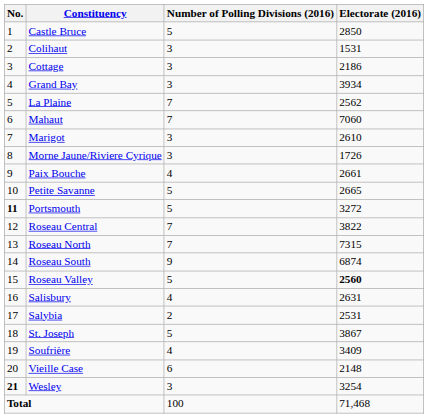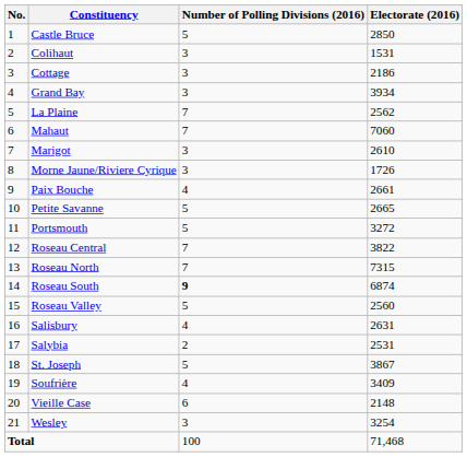 <table class="wikitable sortable">
 <tr>
 <th>No.</th>
 <th><a href='#'>Constituency</a></th>
 <th>Number of Polling Divisions (2016)</th>
 <th>Electorate (2016)</th>
 </tr>
 <tr>
 <td>1</td>
 <td><a href='#'>Castle Bruce</a></td>
 <td>5</td>
 <td>2850</td>
 </tr>
 <tr>
 <td>2</td>
 <td><a href='#'>Colihaut</a></td>
 <td>3</td>
 <td>1531</td>
 </tr>
 <tr>
 <td>3</td>
 <td><a href='#'>Cottage</a></td>
 <td>3</td>
 <td>2186</td>
 </tr>
 <tr>
 <td>4</td>
 <td><a href='#'>Grand Bay</a></td>
 <td>3</td>
 <td>3934</td>
 </tr>
 <tr>
 <td>5</td>
 <td><a href='#'>La Plaine</a></td>
 <td>7</td>
 <td>2562</td>
 </tr>
 <tr>
 <td>6</td>
 <td><a href='#'>Mahaut</a></td>
 <td>7</td>
 <td>7060</td>
 </tr>
 <tr>
 <td>7</td>
 <td><a href='#'>Marigot</a></td>
 <td>3</td>
 <td>2610</td>
 </tr>
 <tr>
 <td>8</td>
 <td><a href='#'>Morne Jaune/Riviere Cyrique</a></td>
 <td>3</td>
 <td>1726</td>
 </tr>
 <tr>
 <td>9</td>
 <td><a href='#'>Paix Bouche</a></td>
 <td>4</td>
 <td>2661</td>
 </tr>
 <tr>
 <td>10</td>
 <td><a href='#'>Petite Savanne</a></td>
 <td>5</td>
 <td>2665</td>
 </tr>
 <tr>
-<td><strong>11</strong></td>
+<td>11</td>
 <td><a href='#'>Portsmouth</a></td>
 <td>5</td>
 <td>3272</td>
 </tr>
 <tr>
 <td>12</td>
 <td><a href='#'>Roseau Central</a></td>
 <td>7</td>
 <td>3822</td>
 </tr>
 <tr>
 <td>13</td>
 <td><a href='#'>Roseau North</a></td>
 <td>7</td>
 <td>7315</td>
 </tr>
 <tr>
 <td>14</td>
 <td><a href='#'>Roseau South</a></td>
-<td>9</td>
+<td><strong>9</strong></td>
 <td>6874</td>
 </tr>
 <tr>
 <td>15</td>
 <td><a href='#'>Roseau Valley</a></td>
 <td>5</td>
-<td><strong>2560</strong></td>
+<td>2560</td>
 </tr>
 <tr>
 <td>16</td>
 <td><a href='#'>Salisbury</a></td>
 <td>4</td>
 <td>2631</td>
 </tr>
 <tr>
 <td>17</td>
 <td><a href='#'>Salybia</a></td>
 <td>2</td>
 <td>2531</td>
 </tr>
 <tr>
 <td>18</td>
 <td><a href='#'>St. Joseph</a></td>
 <td>5</td>
 <td>3867</td>
 </tr>
 <tr>
 <td>19</td>
 <td><a href='#'>Soufrière</a></td>
 <td>4</td>
 <td>3409</td>
 </tr>
 <tr>
 <td>20</td>
 <td><a href='#'>Vieille Case</a></td>
 <td>6</td>
 <td>2148</td>
 </tr>
 <tr>
-<td><strong>21</strong></td>
+<td>21</td>
 <td><a href='#'>Wesley</a></td>
 <td>3</td>
 <td>3254</td>
 </tr>
 <tr>
 <td colspan="2"><strong>Total</strong></td>
 <td>100</td>
 <td>71,468</td>
 </tr>
 </table>
